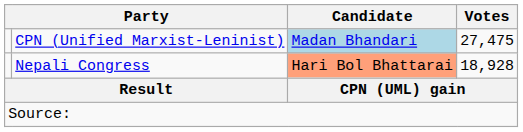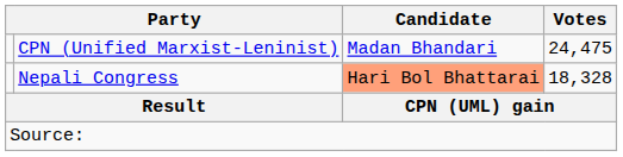 <table class="wikitable">
 <tr>
 <th colspan="2">Party</th>
 <th>Candidate</th>
 <th>Votes</th>
 </tr>
 <tr>
 <td style="background-color:"></td>
 <td><a href='#'>CPN (Unified Marxist-Leninist)</a></td>
-<td style="background: lightblue;"><a href='#'>Madan Bhandari</a></td>
-<td>27,475</td>
+<td><a href='#'>Madan Bhandari</a></td>
+<td>24,475</td>
 </tr>
 <tr>
 <td style="background-color:"></td>
 <td><a href='#'>Nepali Congress</a></td>
 <td style="background: lightsalmon;">Hari Bol Bhattarai</td>
-<td>18,928</td>
+<td>18,328</td>
 </tr>
 <tr>
 <th colspan="2">Result</th>
 <th colspan="2">CPN (UML) gain</th>
 </tr>
 <tr>
 <td colspan="4">Source: </td>
 </tr>
 </table>
